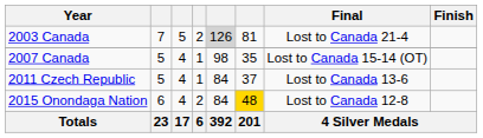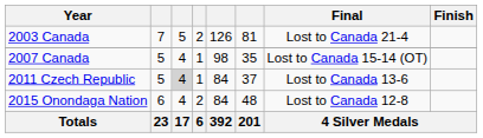 <table class="wikitable" style="text-align: center;">
 <tr>
 <th>Year</th>
 <th></th>
 <th></th>
 <th></th>
 <th></th>
 <th></th>
 <th>Final</th>
 <th>Finish</th>
 </tr>
 <tr>
 <td align=left><a href='#'>2003 Canada</a></td>
 <td>7</td>
 <td>5</td>
 <td>2</td>
-<td style="background: lightgrey;">126</td>
+<td>126</td>
 <td>81</td>
 <td>Lost to <a href='#'>Canada</a> 21-4</td>
 <td></td>
 </tr>
 <tr>
 </tr>
 <tr>
 <td align=left><a href='#'>2007 Canada</a></td>
 <td>5</td>
 <td>4</td>
 <td>1</td>
 <td>98</td>
 <td>35</td>
 <td>Lost to <a href='#'>Canada</a> 15-14 (OT)</td>
 <td></td>
 </tr>
 <tr>
 <td align=left><a href='#'>2011 Czech Republic</a></td>
 <td>5</td>
-<td>4</td>
+<td style="background: lightgrey;">4</td>
 <td>1</td>
 <td>84</td>
 <td>37</td>
 <td>Lost to <a href='#'>Canada</a> 13-6</td>
 <td></td>
 </tr>
 <tr>
 <td align=left><a href='#'>2015 Onondaga Nation</a></td>
 <td>6</td>
 <td>4</td>
 <td>2</td>
 <td>84</td>
-<td style="background: gold;">48</td>
+<td>48</td>
 <td>Lost to <a href='#'>Canada</a> 12-8</td>
 <td></td>
 </tr>
 <tr>
 <th>Totals</th>
 <th>23</th>
 <th>17</th>
 <th>6</th>
 <th>392</th>
 <th>201</th>
 <th colspan=2>4 Silver Medals</th>
 </tr>
 </table>
